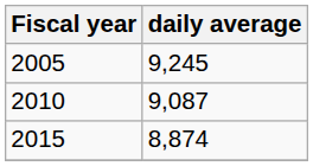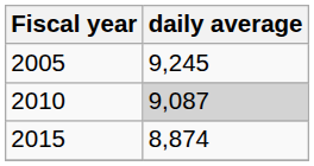 <table class="wikitable">
 <tr>
 <th>Fiscal year</th>
 <th>daily average</th>
 </tr>
 <tr>
 <td>2005</td>
 <td>9,245</td>
 </tr>
 <tr>
 <td>2010</td>
-<td>9,087</td>
+<td style="background: lightgrey;">9,087</td>
 </tr>
 <tr>
 <td>2015</td>
 <td>8,874</td>
 </tr>
 <tr>
 </tr>
 </table>
